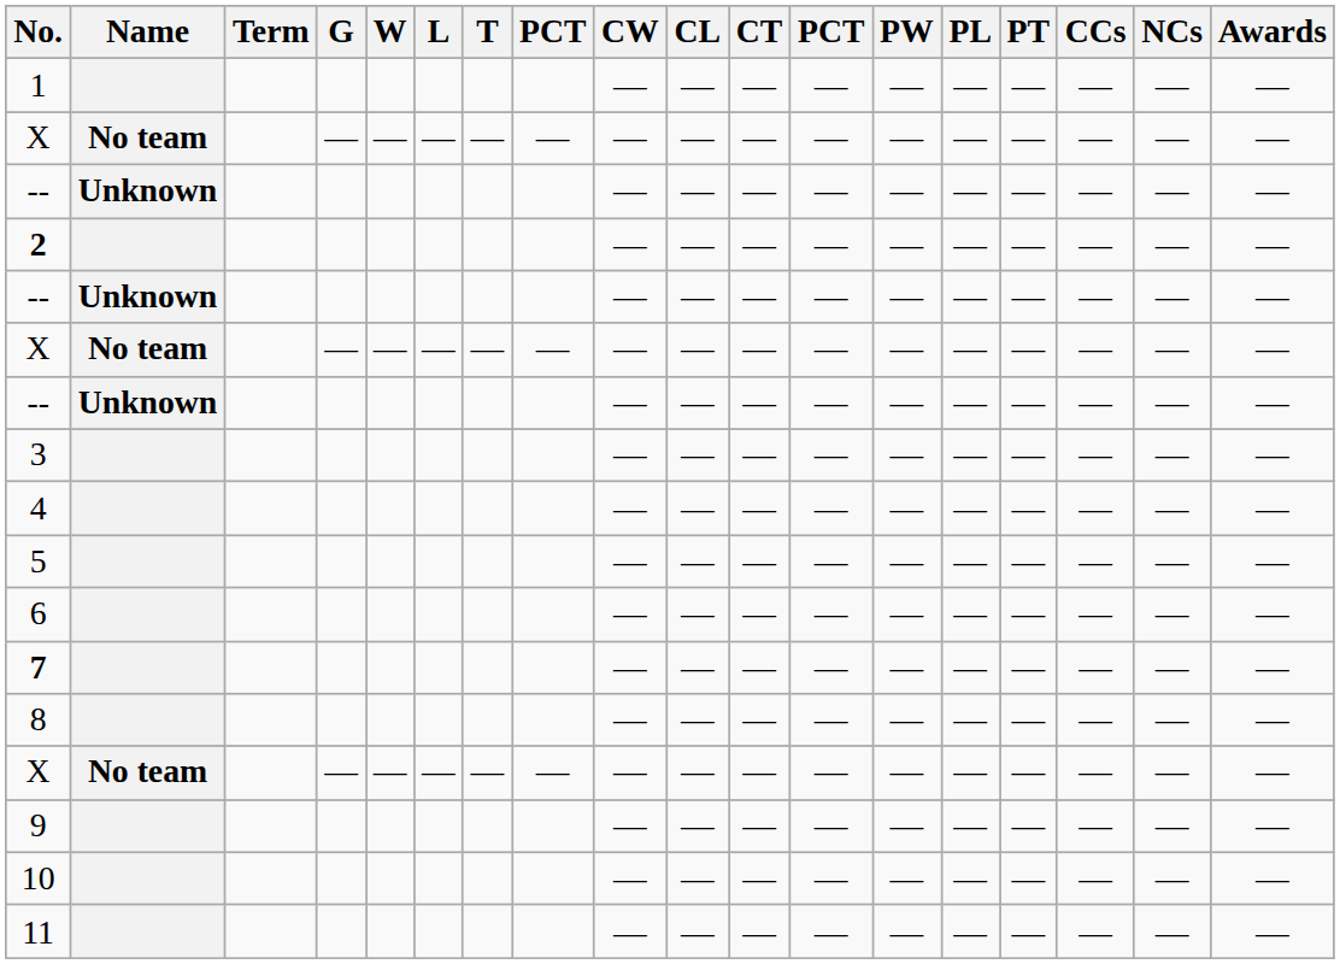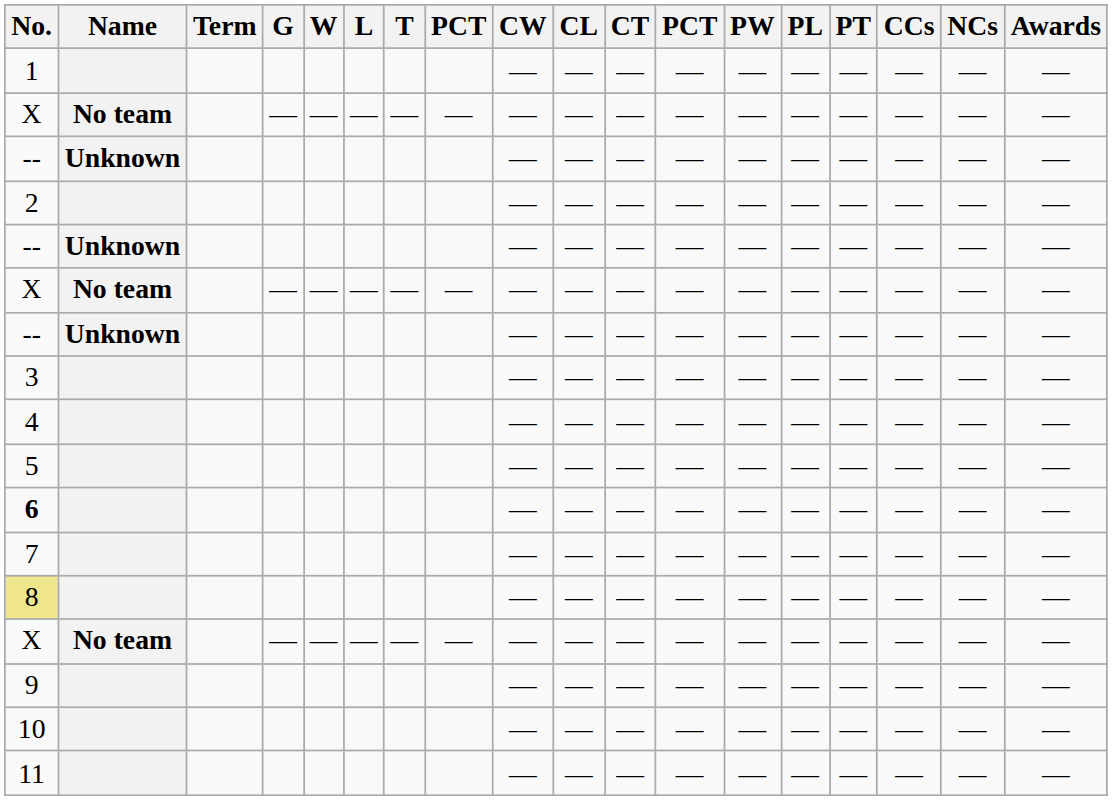 <table class="wikitable sortable" style="text-align:center">
 <tr>
 <th scope="col" class="unsortable">No.</th>
 <th scope="col">Name</th>
 <th scope="col">Term</th>
 <th scope="col">G</th>
 <th scope="col">W</th>
 <th scope="col">L</th>
 <th scope="col">T</th>
 <th scope="col">PCT</th>
 <th scope="col">CW</th>
 <th scope="col">CL</th>
 <th scope="col">CT</th>
 <th scope="col">PCT</th>
 <th scope="col">PW</th>
 <th scope="col">PL</th>
 <th scope="col">PT</th>
 <th scope="col">CCs</th>
 <th scope="col">NCs</th>
 <th scope="col" class="unsortable">Awards</th>
 </tr>
 <tr>
 <td>1</td>
 <th scope="row"></th>
 <td></td>
 <td></td>
 <td></td>
 <td></td>
 <td></td>
 <td></td>
 <td>—</td>
 <td>—</td>
 <td>—</td>
 <td>—</td>
 <td>—</td>
 <td>—</td>
 <td>—</td>
 <td>—</td>
 <td>—</td>
 <td>—</td>
 </tr>
 <tr>
 <td>X</td>
 <th scope="row">No team</th>
 <td></td>
 <td>—</td>
 <td>—</td>
 <td>—</td>
 <td>—</td>
 <td>—</td>
 <td>—</td>
 <td>—</td>
 <td>—</td>
 <td>—</td>
 <td>—</td>
 <td>—</td>
 <td>—</td>
 <td>—</td>
 <td>—</td>
 <td>—</td>
 </tr>
 <tr>
 <td>--</td>
 <th scope="row">Unknown</th>
 <td></td>
 <td></td>
 <td></td>
 <td></td>
 <td></td>
 <td></td>
 <td>—</td>
 <td>—</td>
 <td>—</td>
 <td>—</td>
 <td>—</td>
 <td>—</td>
 <td>—</td>
 <td>—</td>
 <td>—</td>
 <td>—</td>
 </tr>
 <tr>
-<td><strong>2</strong></td>
+<td>2</td>
 <th scope="row"></th>
 <td></td>
 <td></td>
 <td></td>
 <td></td>
 <td></td>
 <td></td>
 <td>—</td>
 <td>—</td>
 <td>—</td>
 <td>—</td>
 <td>—</td>
 <td>—</td>
 <td>—</td>
 <td>—</td>
 <td>—</td>
 <td>—</td>
 </tr>
 <tr>
 <td>--</td>
 <th scope="row">Unknown</th>
 <td></td>
 <td></td>
 <td></td>
 <td></td>
 <td></td>
 <td></td>
 <td>—</td>
 <td>—</td>
 <td>—</td>
 <td>—</td>
 <td>—</td>
 <td>—</td>
 <td>—</td>
 <td>—</td>
 <td>—</td>
 <td>—</td>
 </tr>
 <tr>
 <td>X</td>
 <th scope="row">No team</th>
 <td></td>
 <td>—</td>
 <td>—</td>
 <td>—</td>
 <td>—</td>
 <td>—</td>
 <td>—</td>
 <td>—</td>
 <td>—</td>
 <td>—</td>
 <td>—</td>
 <td>—</td>
 <td>—</td>
 <td>—</td>
 <td>—</td>
 <td>—</td>
 </tr>
 <tr>
 <td>--</td>
 <th scope="row">Unknown</th>
 <td></td>
 <td></td>
 <td></td>
 <td></td>
 <td></td>
 <td></td>
 <td>—</td>
 <td>—</td>
 <td>—</td>
 <td>—</td>
 <td>—</td>
 <td>—</td>
 <td>—</td>
 <td>—</td>
 <td>—</td>
 <td>—</td>
 </tr>
 <tr>
 <td>3</td>
 <th scope="row"></th>
 <td></td>
 <td></td>
 <td></td>
 <td></td>
 <td></td>
 <td></td>
 <td>—</td>
 <td>—</td>
 <td>—</td>
 <td>—</td>
 <td>—</td>
 <td>—</td>
 <td>—</td>
 <td>—</td>
 <td>—</td>
 <td>—</td>
 </tr>
 <tr>
 <td>4</td>
 <th scope="row"></th>
 <td></td>
 <td></td>
 <td></td>
 <td></td>
 <td></td>
 <td></td>
 <td>—</td>
 <td>—</td>
 <td>—</td>
 <td>—</td>
 <td>—</td>
 <td>—</td>
 <td>—</td>
 <td>—</td>
 <td>—</td>
 <td>—</td>
 </tr>
 <tr>
 <td>5</td>
 <th scope="row"></th>
 <td></td>
 <td></td>
 <td></td>
 <td></td>
 <td></td>
 <td></td>
 <td>—</td>
 <td>—</td>
 <td>—</td>
 <td>—</td>
 <td>—</td>
 <td>—</td>
 <td>—</td>
 <td>—</td>
 <td>—</td>
 <td>—</td>
 </tr>
 <tr>
-<td>6</td>
+<td><strong>6</strong></td>
 <th scope="row"></th>
 <td></td>
 <td></td>
 <td></td>
 <td></td>
 <td></td>
 <td></td>
 <td>—</td>
 <td>—</td>
 <td>—</td>
 <td>—</td>
 <td>—</td>
 <td>—</td>
 <td>—</td>
 <td>—</td>
 <td>—</td>
 <td>—</td>
 </tr>
 <tr>
-<td><strong>7</strong></td>
+<td>7</td>
 <th scope="row"></th>
 <td></td>
 <td></td>
 <td></td>
 <td></td>
 <td></td>
 <td></td>
 <td>—</td>
 <td>—</td>
 <td>—</td>
 <td>—</td>
 <td>—</td>
 <td>—</td>
 <td>—</td>
 <td>—</td>
 <td>—</td>
 <td>—</td>
 </tr>
 <tr>
-<td>8</td>
+<td style="background: khaki;">8</td>
 <th scope="row"></th>
 <td></td>
 <td></td>
 <td></td>
 <td></td>
 <td></td>
 <td></td>
 <td>—</td>
 <td>—</td>
 <td>—</td>
 <td>—</td>
 <td>—</td>
 <td>—</td>
 <td>—</td>
 <td>—</td>
 <td>—</td>
 <td>—</td>
 </tr>
 <tr>
 <td>X</td>
 <th scope="row">No team</th>
 <td></td>
 <td>—</td>
 <td>—</td>
 <td>—</td>
 <td>—</td>
 <td>—</td>
 <td>—</td>
 <td>—</td>
 <td>—</td>
 <td>—</td>
 <td>—</td>
 <td>—</td>
 <td>—</td>
 <td>—</td>
 <td>—</td>
 <td>—</td>
 </tr>
 <tr>
 <td>9</td>
 <th scope="row"></th>
 <td></td>
 <td></td>
 <td></td>
 <td></td>
 <td></td>
 <td></td>
 <td>—</td>
 <td>—</td>
 <td>—</td>
 <td>—</td>
 <td>—</td>
 <td>—</td>
 <td>—</td>
 <td>—</td>
 <td>—</td>
 <td>—</td>
 </tr>
 <tr>
 <td>10</td>
 <th scope="row"></th>
 <td></td>
 <td></td>
 <td></td>
 <td></td>
 <td></td>
 <td></td>
 <td>—</td>
 <td>—</td>
 <td>—</td>
 <td>—</td>
 <td>—</td>
 <td>—</td>
 <td>—</td>
 <td>—</td>
 <td>—</td>
 <td>—</td>
 </tr>
 <tr>
 <td>11</td>
 <th scope="row"></th>
 <td></td>
 <td></td>
 <td></td>
 <td></td>
 <td></td>
 <td></td>
 <td>—</td>
 <td>—</td>
 <td>—</td>
 <td>—</td>
 <td>—</td>
 <td>—</td>
 <td>—</td>
 <td>—</td>
 <td>—</td>
 <td>—</td>
 </tr>
 <tr>
 </tr>
 </table>
